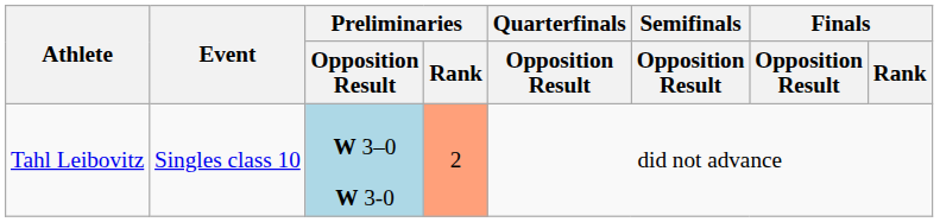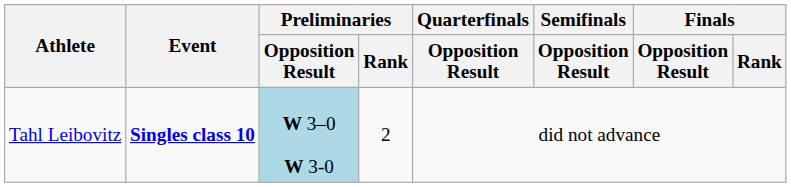 <table class=wikitable>
 <tr>
 <th rowspan="2">Athlete</th>
 <th rowspan="2">Event</th>
 <th colspan="2">Preliminaries</th>
 <th>Quarterfinals</th>
 <th>Semifinals</th>
 <th colspan="2">Finals</th>
 </tr>
 <tr>
 <th>Opposition<br>Result</th>
 <th>Rank</th>
 <th>Opposition<br>Result</th>
 <th>Opposition<br>Result</th>
 <th>Opposition<br>Result</th>
 <th>Rank</th>
 </tr>
 <tr>
 <td><a href='#'>Tahl Leibovitz</a></td>
-<td><a href='#'>Singles class 10</a></td>
+<td><strong><a href='#'>Singles class 10</a></strong></td>
 <td style="background: lightblue; text-align:center;"><br><strong>W</strong> 3–0<br><br><strong>W</strong> 3-0</td>
-<td style="background: lightsalmon; text-align:center;">2</td>
+<td style="text-align:center;">2</td>
 <td style="text-align:center;" colspan="4">did not advance</td>
 </tr>
 </table>
